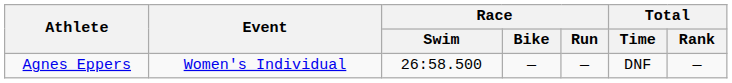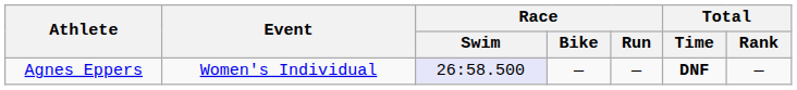 <table class="wikitable" style="font-size:95%; text-align:center;" width="95%">
 <tr>
 <th rowspan="2">Athlete</th>
 <th rowspan="2">Event</th>
 <th colspan="3">Race</th>
 <th colspan="2">Total</th>
 </tr>
 <tr>
 <th>Swim</th>
 <th>Bike</th>
 <th>Run</th>
 <th>Time</th>
 <th>Rank</th>
 </tr>
 <tr>
 <td width=20%><a href='#'>Agnes Eppers</a></td>
 <td><a href='#'>Women's Individual</a></td>
-<td>26:58.500</td>
+<td style="background: lavender;">26:58.500</td>
 <td>—</td>
 <td>—</td>
-<td>DNF</td>
+<td><strong>DNF</strong></td>
 <td>—</td>
 </tr>
 </table>
